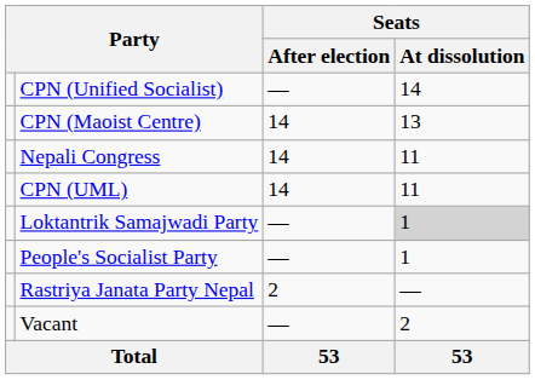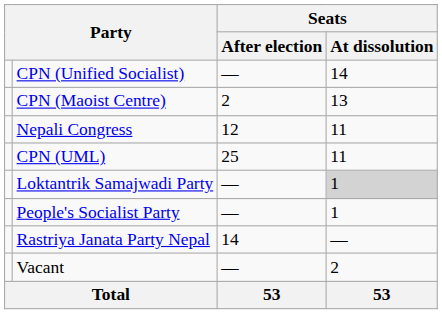 <table class="wikitable">
 <tr>
 <th colspan="2" rowspan="2">Party</th>
 <th colspan="2">Seats</th>
 </tr>
 <tr>
 <th>After election</th>
 <th>At dissolution</th>
 </tr>
 <tr>
 <td></td>
 <td><a href='#'>CPN (Unified Socialist)</a></td>
 <td>—</td>
 <td>14</td>
 </tr>
 <tr>
 <td></td>
 <td><a href='#'>CPN (Maoist Centre)</a></td>
-<td>14</td>
+<td>2</td>
 <td>13</td>
 </tr>
 <tr>
 <td></td>
 <td><a href='#'>Nepali Congress</a></td>
-<td>14</td>
+<td>12</td>
 <td>11</td>
 </tr>
 <tr>
 <td></td>
 <td><a href='#'>CPN (UML)</a></td>
-<td>14</td>
+<td>25</td>
 <td>11</td>
 </tr>
 <tr>
 <td></td>
 <td><a href='#'>Loktantrik Samajwadi Party</a></td>
 <td>—</td>
 <td style="background: lightgrey;">1</td>
 </tr>
 <tr>
 <td></td>
 <td><a href='#'>People's Socialist Party</a></td>
 <td>—</td>
 <td>1</td>
 </tr>
 <tr>
 <td></td>
 <td><a href='#'>Rastriya Janata Party Nepal</a></td>
-<td>2</td>
+<td>14</td>
 <td>—</td>
 </tr>
 <tr>
 <td></td>
 <td>Vacant</td>
 <td>—</td>
 <td>2</td>
 </tr>
 <tr>
 <th colspan="2"><strong>Total</strong></th>
 <th>53</th>
 <th>53</th>
 </tr>
 </table>
